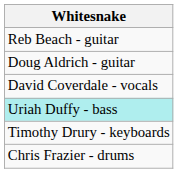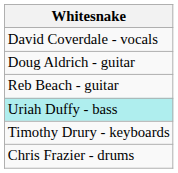 <table class="wikitable">
 <tr>
 <th>Whitesnake</th>
 </tr>
 <tr>
-<td>Reb Beach - guitar</td>
+<td>David Coverdale - vocals</td>
 </tr>
 <tr>
 <td>Doug Aldrich - guitar</td>
 </tr>
 <tr>
-<td>David Coverdale - vocals</td>
+<td>Reb Beach - guitar</td>
 </tr>
 <tr>
 <td style="background: paleturquoise;">Uriah Duffy - bass</td>
 </tr>
 <tr>
 <td>Timothy Drury - keyboards</td>
 </tr>
 <tr>
 <td>Chris Frazier - drums</td>
 </tr>
 </table>
